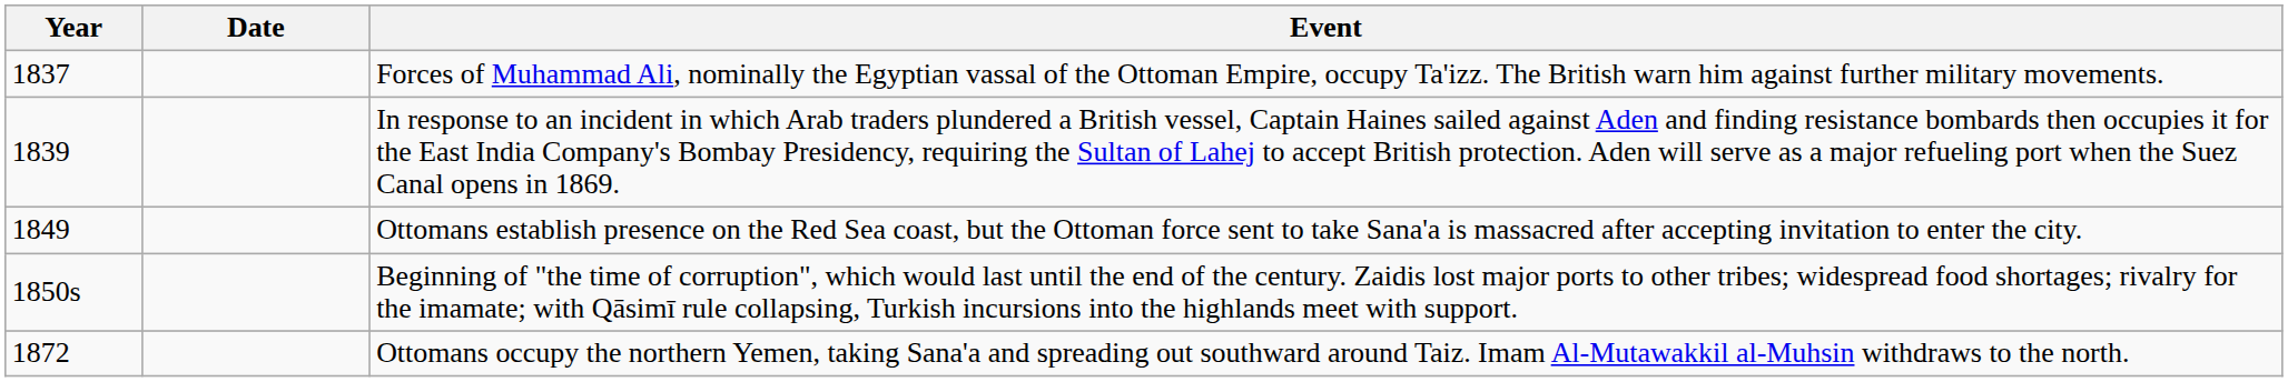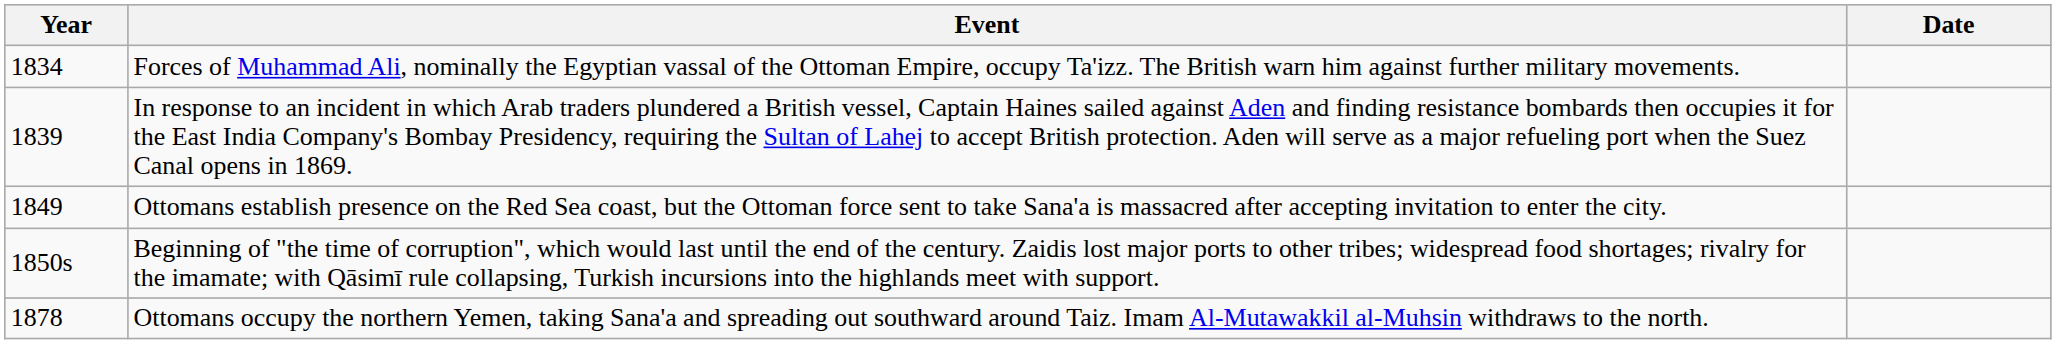 <table class="wikitable" width="100%">
 <tr>
 <th style="width:6%">Year</th>
+<th>Event</th>
 <th style="width:10%">Date</th>
-<th>Event</th>
 </tr>
 <tr>
-<td>1837</td>
+<td>1834</td>
+<td>Forces of <a href='#'>Muhammad Ali</a>, nominally the Egyptian vassal of the Ottoman Empire, occupy Ta'izz. The British warn him against further military movements.</td>
 <td></td>
-<td>Forces of <a href='#'>Muhammad Ali</a>, nominally the Egyptian vassal of the Ottoman Empire, occupy Ta'izz. The British warn him against further military movements.</td>
 </tr>
 <tr>
 <td>1839</td>
+<td>In response to an incident in which Arab traders plundered a British vessel, Captain Haines sailed against <a href='#'>Aden</a> and finding resistance bombards then occupies it for the East India Company's Bombay Presidency, requiring the <a href='#'>Sultan of Lahej</a> to accept British protection. Aden will serve as a major refueling port when the Suez Canal opens in 1869.</td>
 <td></td>
-<td>In response to an incident in which Arab traders plundered a British vessel, Captain Haines sailed against <a href='#'>Aden</a> and finding resistance bombards then occupies it for the East India Company's Bombay Presidency, requiring the <a href='#'>Sultan of Lahej</a> to accept British protection. Aden will serve as a major refueling port when the Suez Canal opens in 1869.</td>
 </tr>
 <tr>
 <td>1849</td>
+<td>Ottomans establish presence on the Red Sea coast, but the Ottoman force sent to take Sana'a is massacred after accepting invitation to enter the city.</td>
 <td></td>
-<td>Ottomans establish presence on the Red Sea coast, but the Ottoman force sent to take Sana'a is massacred after accepting invitation to enter the city.</td>
 </tr>
 <tr>
 <td>1850s</td>
+<td>Beginning of "the time of corruption", which would last until the end of the century. Zaidis lost major ports to other tribes; widespread food shortages; rivalry for the imamate; with Qāsimī rule collapsing, Turkish incursions into the highlands meet with support.</td>
 <td></td>
-<td>Beginning of "the time of corruption", which would last until the end of the century. Zaidis lost major ports to other tribes; widespread food shortages; rivalry for the imamate; with Qāsimī rule collapsing, Turkish incursions into the highlands meet with support.</td>
 </tr>
 <tr>
-<td>1872</td>
+<td>1878</td>
+<td>Ottomans occupy the northern Yemen, taking Sana'a and spreading out southward around Taiz. Imam <a href='#'>Al-Mutawakkil al-Muhsin</a> withdraws to the north.</td>
 <td></td>
-<td>Ottomans occupy the northern Yemen, taking Sana'a and spreading out southward around Taiz. Imam <a href='#'>Al-Mutawakkil al-Muhsin</a> withdraws to the north.</td>
 </tr>
 </table>
